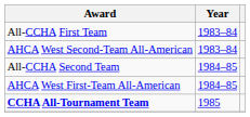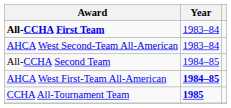 <table class="wikitable">
 <tr>
 <th>Award</th>
 <th>Year</th>
 <th></th>
 </tr>
 <tr>
-<td>All-<a href='#'>CCHA</a> <a href='#'>First Team</a></td>
+<td><strong>All-<a href='#'>CCHA</a> <a href='#'>First Team</a></strong></td>
 <td><a href='#'>1983–84</a></td>
 <td></td>
 </tr>
 <tr>
 <td><a href='#'>AHCA</a> <a href='#'>West Second-Team All-American</a></td>
 <td><a href='#'>1983–84</a></td>
 <td></td>
 </tr>
 <tr>
 <td>All-<a href='#'>CCHA</a> <a href='#'>Second Team</a></td>
 <td><a href='#'>1984–85</a></td>
 <td></td>
 </tr>
 <tr>
 <td><a href='#'>AHCA</a> <a href='#'>West First-Team All-American</a></td>
-<td><a href='#'>1984–85</a></td>
+<td><strong><a href='#'>1984–85</a></strong></td>
 <td></td>
 </tr>
 <tr>
-<td><strong><a href='#'>CCHA</a> <a href='#'>All-Tournament Team</a></strong></td>
-<td><a href='#'>1985</a></td>
+<td><a href='#'>CCHA</a> <a href='#'>All-Tournament Team</a></td>
+<td><strong><a href='#'>1985</a></strong></td>
 <td></td>
 </tr>
 <tr>
 </tr>
 </table>
